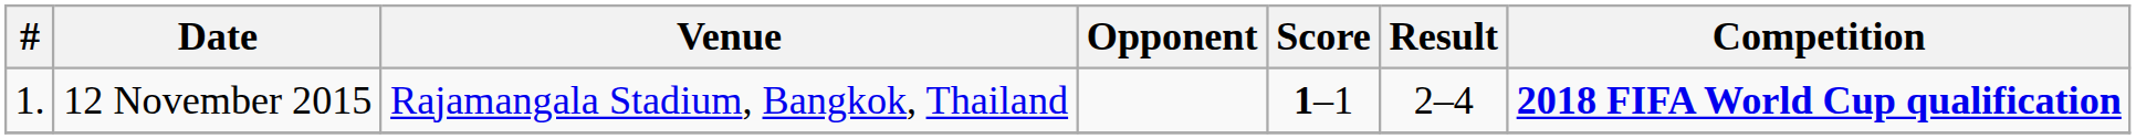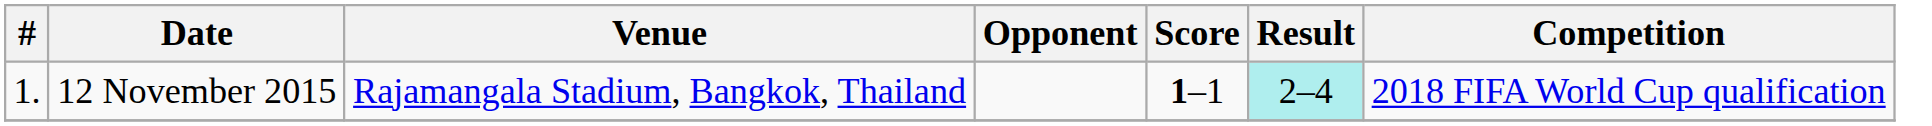 <table class="wikitable">
 <tr>
 <th>#</th>
 <th>Date</th>
 <th>Venue</th>
 <th>Opponent</th>
 <th>Score</th>
 <th>Result</th>
 <th>Competition</th>
 </tr>
 <tr>
 <td>1.</td>
 <td>12 November 2015</td>
 <td><a href='#'>Rajamangala Stadium</a>, <a href='#'>Bangkok</a>, <a href='#'>Thailand</a></td>
 <td></td>
 <td align=center><strong>1</strong>–1</td>
-<td align=center>2–4</td>
-<td><strong><a href='#'>2018 FIFA World Cup qualification</a></strong></td>
+<td align=center style="background: paleturquoise;">2–4</td>
+<td><a href='#'>2018 FIFA World Cup qualification</a></td>
 </tr>
 <tr>
 </tr>
 </table>
